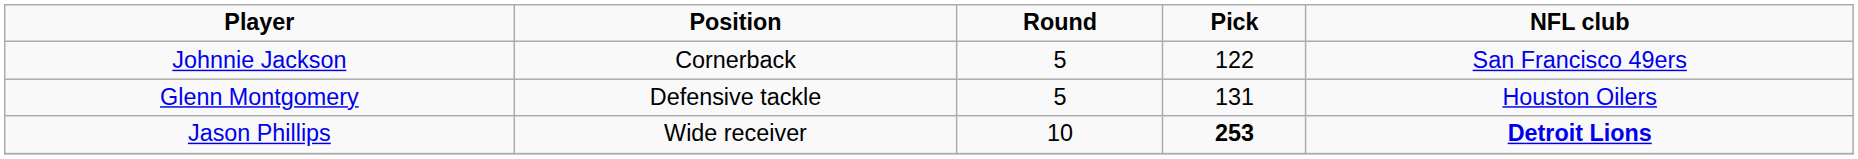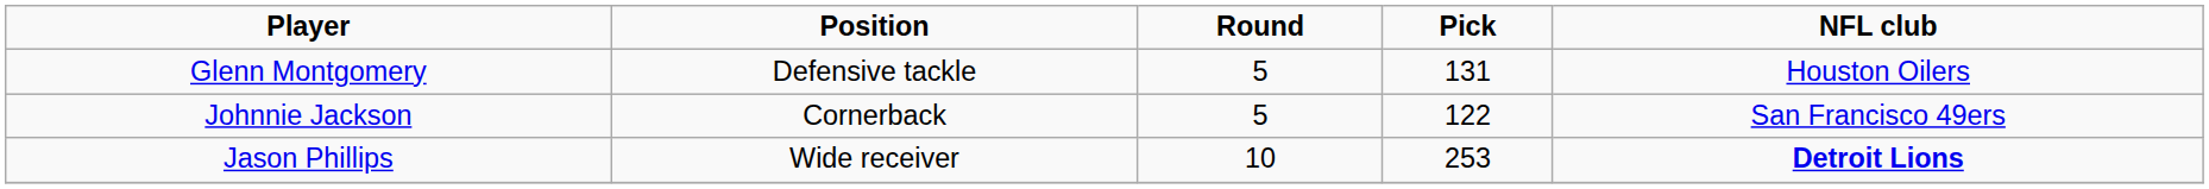 <table class="wikitable" width="80%">
 <tr align="center">
 <td><strong>Player</strong></td>
 <td><strong>Position</strong></td>
 <td><strong>Round</strong></td>
 <td><strong>Pick</strong></td>
 <td><strong>NFL club</strong></td>
 </tr>
 <tr align="center" bgcolor="">
+<td><a href='#'>Glenn Montgomery</a></td>
+<td>Defensive tackle</td>
+<td>5</td>
+<td>131</td>
+<td><a href='#'>Houston Oilers</a></td>
+</tr>
+<tr align="center" bgcolor="">
 <td><a href='#'>Johnnie Jackson</a></td>
 <td>Cornerback</td>
 <td>5</td>
 <td>122</td>
 <td><a href='#'>San Francisco 49ers</a></td>
 </tr>
 <tr align="center" bgcolor="">
-<td><a href='#'>Glenn Montgomery</a></td>
-<td>Defensive tackle</td>
-<td>5</td>
-<td>131</td>
-<td><a href='#'>Houston Oilers</a></td>
-</tr>
-<tr align="center" bgcolor="">
 <td><a href='#'>Jason Phillips</a></td>
 <td>Wide receiver</td>
 <td>10</td>
-<td><strong>253</strong></td>
+<td>253</td>
 <td><strong><a href='#'>Detroit Lions</a></strong></td>
 </tr>
 <tr align="center" bgcolor="">
 </tr>
 </table>
